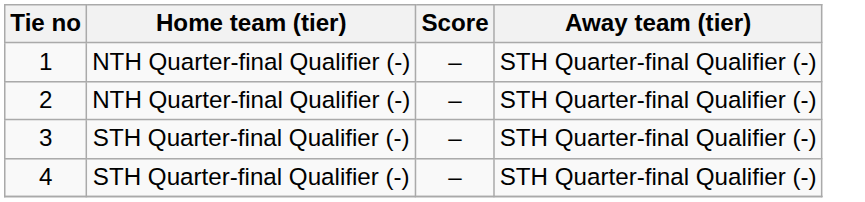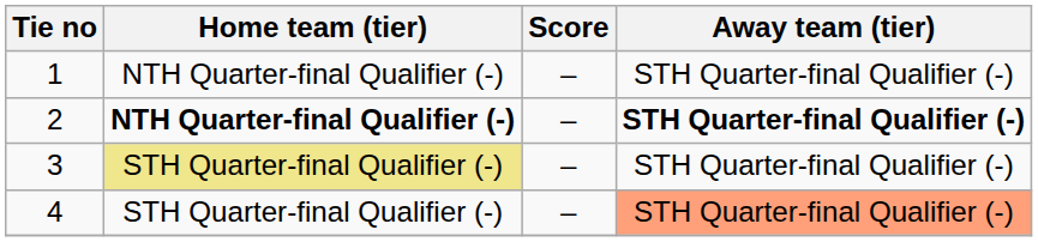 <table class="wikitable" style="text-align:center">
 <tr>
 <th>Tie no</th>
 <th>Home team (tier)</th>
 <th>Score</th>
 <th>Away team (tier)</th>
 </tr>
 <tr>
 <td>1</td>
 <td>NTH Quarter-final Qualifier (-)</td>
 <td>–</td>
 <td>STH Quarter-final Qualifier (-)</td>
 </tr>
 <tr>
 <td>2</td>
-<td>NTH Quarter-final Qualifier (-)</td>
+<td><strong>NTH Quarter-final Qualifier (-)</strong></td>
 <td>–</td>
-<td>STH Quarter-final Qualifier (-)</td>
+<td><strong>STH Quarter-final Qualifier (-)</strong></td>
 </tr>
 <tr>
 <td>3</td>
-<td>STH Quarter-final Qualifier (-)</td>
+<td style="background: khaki;">STH Quarter-final Qualifier (-)</td>
 <td>–</td>
 <td>STH Quarter-final Qualifier (-)</td>
 </tr>
 <tr>
 <td>4</td>
 <td>STH Quarter-final Qualifier (-)</td>
 <td>–</td>
-<td>STH Quarter-final Qualifier (-)</td>
+<td style="background: lightsalmon;">STH Quarter-final Qualifier (-)</td>
 </tr>
 <tr>
 </tr>
 </table>
